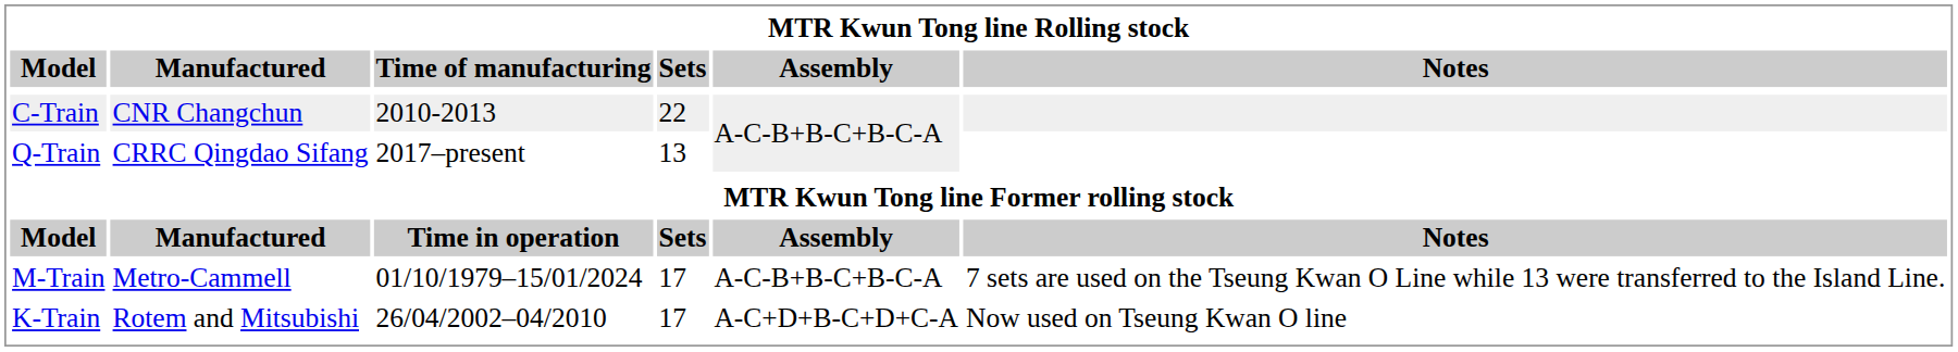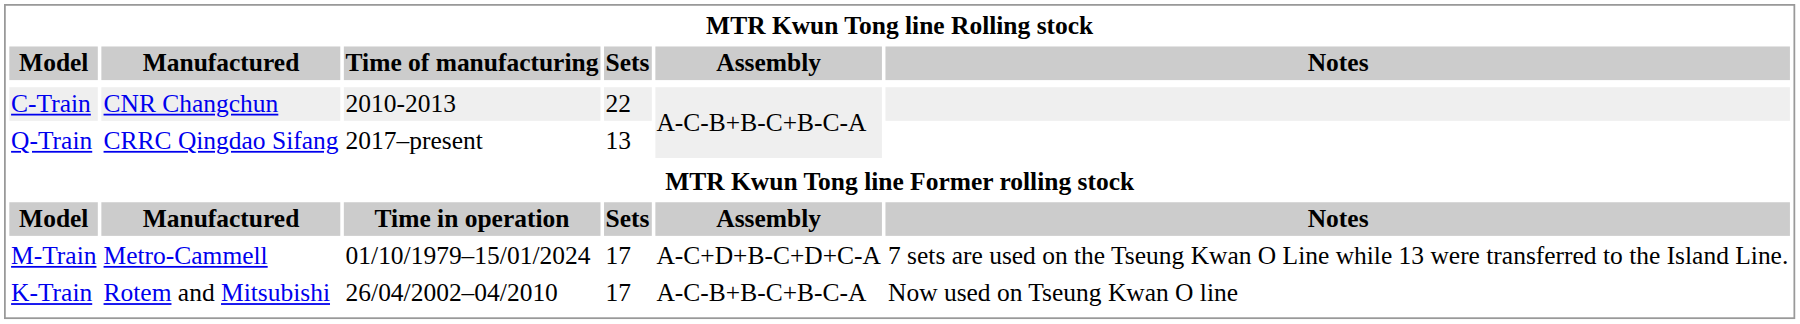 <table border=0 style="border:1px solid #999;background-color:white;text-align:left;font-size:90%">
 <tr align=center>
 <th colspan="6">MTR Kwun Tong line Rolling stock</th>
 </tr>
 <tr align=center bgcolor=#cccccc>
 <th>Model</th>
 <th>Manufactured</th>
 <th>Time of manufacturing</th>
 <th>Sets</th>
 <th>Assembly</th>
 <th>Notes</th>
 </tr>
 <tr>
 </tr>
 <tr bgcolor=#EFEFEF>
 <td><a href='#'>C-Train</a></td>
 <td><a href='#'>CNR Changchun</a></td>
 <td>2010-2013</td>
 <td>22</td>
 <td rowspan=2>A-C-B+B-C+B-C-A</td>
 <td></td>
 </tr>
 <tr>
 <td><a href='#'>Q-Train</a></td>
 <td><a href='#'>CRRC Qingdao Sifang</a></td>
 <td>2017–present</td>
 <td>13</td>
 <td></td>
 </tr>
 <tr>
 </tr>
 <tr align=center>
 <th colspan="6">MTR Kwun Tong line Former rolling stock</th>
 </tr>
 <tr align=center bgcolor=#cccccc>
 <th>Model</th>
 <th>Manufactured</th>
 <th>Time in operation</th>
 <th>Sets</th>
 <th>Assembly</th>
 <th>Notes</th>
 </tr>
 <tr>
 <td><a href='#'>M-Train</a></td>
 <td><a href='#'>Metro-Cammell</a></td>
 <td>01/10/1979–15/01/2024</td>
 <td>17</td>
-<td>A-C-B+B-C+B-C-A</td>
+<td>A-C+D+B-C+D+C-A</td>
 <td>7 sets are used on the Tseung Kwan O Line while 13 were transferred to the Island Line.</td>
 </tr>
 <tr>
 <td><a href='#'>K-Train</a></td>
 <td><a href='#'>Rotem</a> and <a href='#'>Mitsubishi</a></td>
 <td>26/04/2002–04/2010</td>
 <td>17</td>
-<td>A-C+D+B-C+D+C-A</td>
+<td>A-C-B+B-C+B-C-A</td>
 <td>Now used on Tseung Kwan O line</td>
 </tr>
 <tr>
 </tr>
 </table>
